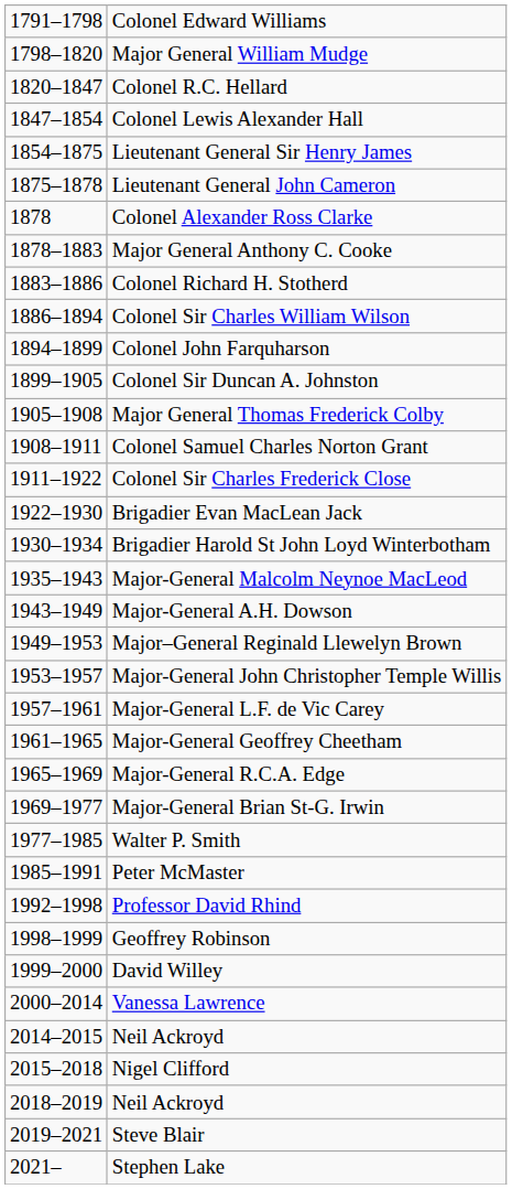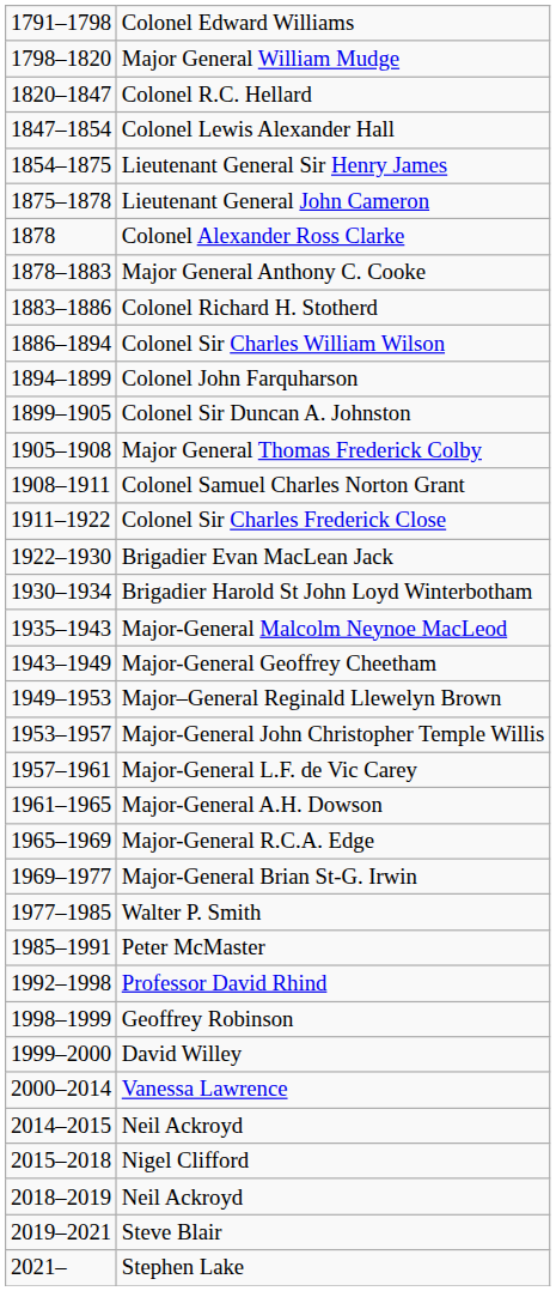 <table class="wikitable">
 <tr>
 <td>1791–1798</td>
 <td>Colonel Edward Williams</td>
 </tr>
 <tr>
 <td>1798–1820</td>
 <td>Major General <a href='#'>William Mudge</a></td>
 </tr>
 <tr>
 <td>1820–1847</td>
 <td>Colonel R.C. Hellard</td>
 </tr>
 <tr>
 <td>1847–1854</td>
 <td>Colonel Lewis Alexander Hall</td>
 </tr>
 <tr>
 <td>1854–1875</td>
 <td>Lieutenant General Sir <a href='#'>Henry James</a></td>
 </tr>
 <tr>
 <td>1875–1878</td>
 <td>Lieutenant General <a href='#'>John Cameron</a></td>
 </tr>
 <tr>
 <td>1878</td>
 <td>Colonel <a href='#'>Alexander Ross Clarke</a></td>
 </tr>
 <tr>
 <td>1878–1883</td>
 <td>Major General Anthony C. Cooke</td>
 </tr>
 <tr>
 <td>1883–1886</td>
 <td>Colonel Richard H. Stotherd</td>
 </tr>
 <tr>
 <td>1886–1894</td>
 <td>Colonel Sir <a href='#'>Charles William Wilson</a></td>
 </tr>
 <tr>
 <td>1894–1899</td>
 <td>Colonel John Farquharson</td>
 </tr>
 <tr>
 <td>1899–1905</td>
 <td>Colonel Sir Duncan A. Johnston</td>
 </tr>
 <tr>
 <td>1905–1908</td>
 <td>Major General <a href='#'>Thomas Frederick Colby</a></td>
 </tr>
 <tr>
 <td>1908–1911</td>
 <td>Colonel Samuel Charles Norton Grant</td>
 </tr>
 <tr>
 <td>1911–1922</td>
 <td>Colonel Sir <a href='#'>Charles Frederick Close</a></td>
 </tr>
 <tr>
 <td>1922–1930</td>
 <td>Brigadier Evan MacLean Jack</td>
 </tr>
 <tr>
 <td>1930–1934</td>
 <td>Brigadier Harold St John Loyd Winterbotham</td>
 </tr>
 <tr>
 <td>1935–1943</td>
 <td>Major-General <a href='#'>Malcolm Neynoe MacLeod</a></td>
 </tr>
 <tr>
 <td>1943–1949</td>
-<td>Major-General A.H. Dowson</td>
+<td>Major-General Geoffrey Cheetham</td>
 </tr>
 <tr>
 <td>1949–1953</td>
 <td>Major–General Reginald Llewelyn Brown</td>
 </tr>
 <tr>
 <td>1953–1957</td>
 <td>Major-General John Christopher Temple Willis</td>
 </tr>
 <tr>
 <td>1957–1961</td>
 <td>Major-General L.F. de Vic Carey</td>
 </tr>
 <tr>
 <td>1961–1965</td>
-<td>Major-General Geoffrey Cheetham</td>
+<td>Major-General A.H. Dowson</td>
 </tr>
 <tr>
 <td>1965–1969</td>
 <td>Major-General R.C.A. Edge</td>
 </tr>
 <tr>
 <td>1969–1977</td>
 <td>Major-General Brian St-G. Irwin</td>
 </tr>
 <tr>
 <td>1977–1985</td>
 <td>Walter P. Smith</td>
 </tr>
 <tr>
 <td>1985–1991</td>
 <td>Peter McMaster</td>
 </tr>
 <tr>
 <td>1992–1998</td>
 <td><a href='#'>Professor David Rhind</a></td>
 </tr>
 <tr>
 <td>1998–1999</td>
 <td>Geoffrey Robinson</td>
 </tr>
 <tr>
 <td>1999–2000</td>
 <td>David Willey</td>
 </tr>
 <tr>
 <td>2000–2014</td>
 <td><a href='#'>Vanessa Lawrence</a></td>
 </tr>
 <tr>
 <td>2014–2015</td>
 <td>Neil Ackroyd</td>
 </tr>
 <tr>
 <td>2015–2018</td>
 <td>Nigel Clifford</td>
 </tr>
 <tr>
 <td>2018–2019</td>
 <td>Neil Ackroyd</td>
 </tr>
 <tr>
 <td>2019–2021</td>
 <td>Steve Blair</td>
 </tr>
 <tr>
 <td>2021–</td>
 <td>Stephen Lake</td>
 </tr>
 </table>
